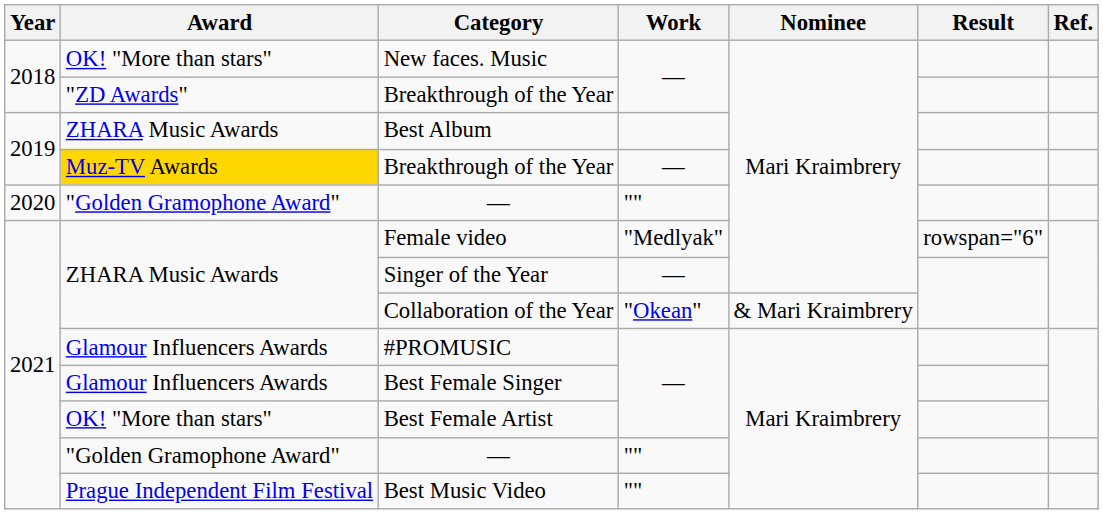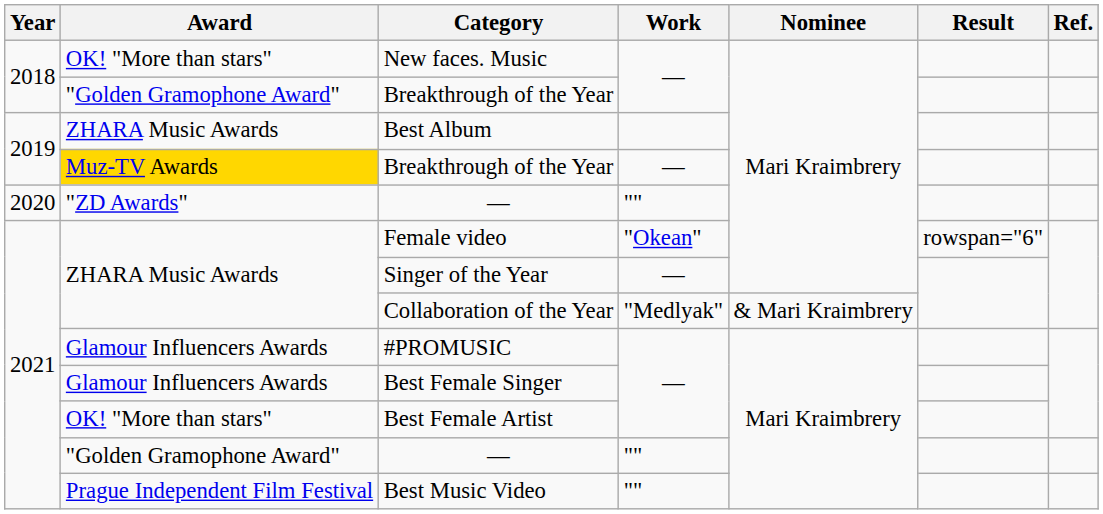 <table class="wikitable">
 <tr>
 <th>Year</th>
 <th>Award</th>
 <th>Category</th>
 <th>Work</th>
 <th>Nominee</th>
 <th>Result</th>
 <th>Ref.</th>
 </tr>
 <tr>
 <td rowspan="2">2018</td>
 <td><a href='#'>OK!</a> "More than stars"</td>
 <td>New faces. Music</td>
 <td rowspan="2" align="center">—</td>
 <td align="center" rowspan="7">Mari Kraimbrery</td>
 <td></td>
 <td></td>
 </tr>
 <tr>
-<td>"<a href='#'>ZD Awards</a>"</td>
+<td>"<a href='#'>Golden Gramophone Award</a>"</td>
 <td>Breakthrough of the Year</td>
 <td></td>
 <td></td>
 </tr>
 <tr>
 <td rowspan="2">2019</td>
 <td><a href='#'>ZHARA</a> Music Awards</td>
 <td>Best Album</td>
 <td><em></em></td>
 <td></td>
 <td></td>
 </tr>
 <tr>
 <td style="background: gold;"><a href='#'>Muz-TV</a> Awards</td>
 <td>Breakthrough of the Year</td>
 <td align="center">—</td>
 <td></td>
 <td></td>
 </tr>
 <tr>
 <td>2020</td>
-<td>"<a href='#'>Golden Gramophone Award</a>"</td>
+<td>"<a href='#'>ZD Awards</a>"</td>
 <td align="center">—</td>
 <td>""</td>
 <td></td>
 <td></td>
 </tr>
 <tr>
 <td rowspan="8">2021</td>
 <td rowspan="3">ZHARA Music Awards</td>
 <td>Female video</td>
-<td>"Medlyak"</td>
+<td>"<a href='#'>Okean</a>"</td>
 <td>rowspan="6" </td>
 <td rowspan="3"></td>
 </tr>
 <tr>
 <td>Singer of the Year</td>
 <td align="center">—</td>
 </tr>
 <tr>
 <td>Collaboration of the Year</td>
-<td>"<a href='#'>Okean</a>"</td>
+<td>"Medlyak"</td>
 <td align="center"> & Mari Kraimbrery</td>
 </tr>
 <tr>
 <td><a href='#'>Glamour</a> Influencers Awards</td>
 <td>#PROMUSIC</td>
 <td rowspan="3" align="center">—</td>
 <td align="center" rowspan="7">Mari Kraimbrery</td>
 <td></td>
 </tr>
 <tr>
 <td><a href='#'>Glamour</a> Influencers Awards</td>
 <td>Best Female Singer</td>
 <td></td>
 </tr>
 <tr>
 <td><a href='#'>OK!</a> "More than stars"</td>
 <td>Best Female Artist</td>
 <td></td>
 </tr>
 <tr>
 <td>"Golden Gramophone Award"</td>
 <td align="center">—</td>
 <td>""</td>
 <td></td>
 <td></td>
 </tr>
 <tr>
 <td><a href='#'>Prague Independent Film Festival</a></td>
 <td>Best Music Video</td>
 <td>""</td>
 <td></td>
 <td></td>
 </tr>
 </table>
